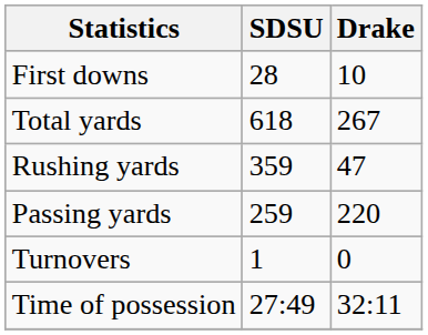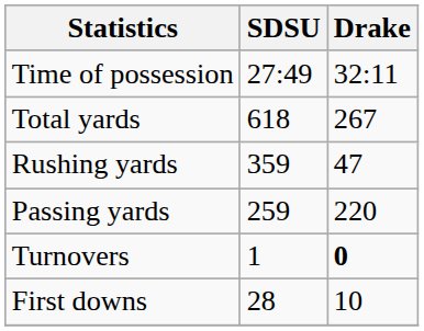 <table class="wikitable">
 <tr>
 <th>Statistics</th>
 <th>SDSU</th>
 <th>Drake</th>
 </tr>
 <tr>
-<td>First downs</td>
-<td>28</td>
-<td>10</td>
+<td>Time of possession</td>
+<td>27:49</td>
+<td>32:11</td>
 </tr>
 <tr>
 <td>Total yards</td>
 <td>618</td>
 <td>267</td>
 </tr>
 <tr>
 <td>Rushing yards</td>
 <td>359</td>
 <td>47</td>
 </tr>
 <tr>
 <td>Passing yards</td>
 <td>259</td>
 <td>220</td>
 </tr>
 <tr>
 <td>Turnovers</td>
 <td>1</td>
-<td>0</td>
+<td><strong>0</strong></td>
 </tr>
 <tr>
-<td>Time of possession</td>
-<td>27:49</td>
-<td>32:11</td>
+<td>First downs</td>
+<td>28</td>
+<td>10</td>
 </tr>
 <tr>
 </tr>
 </table>
